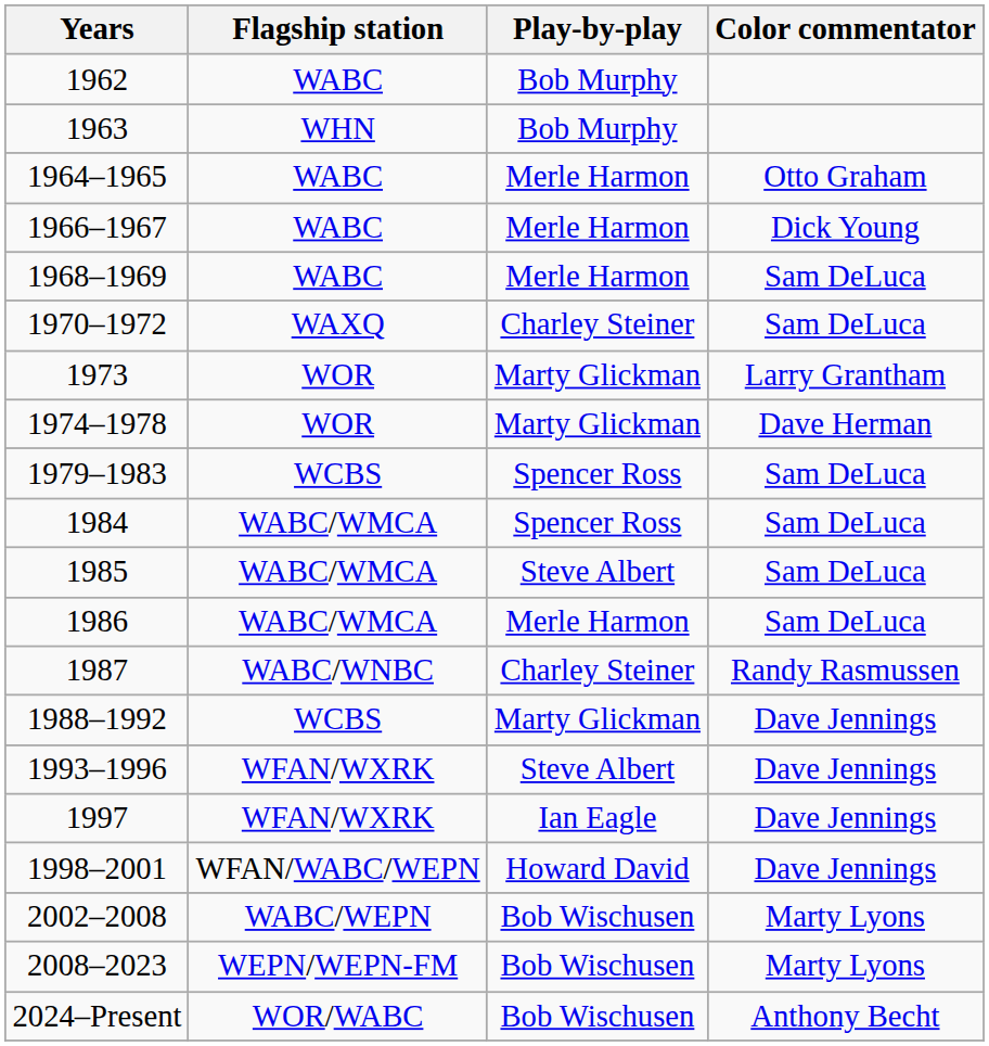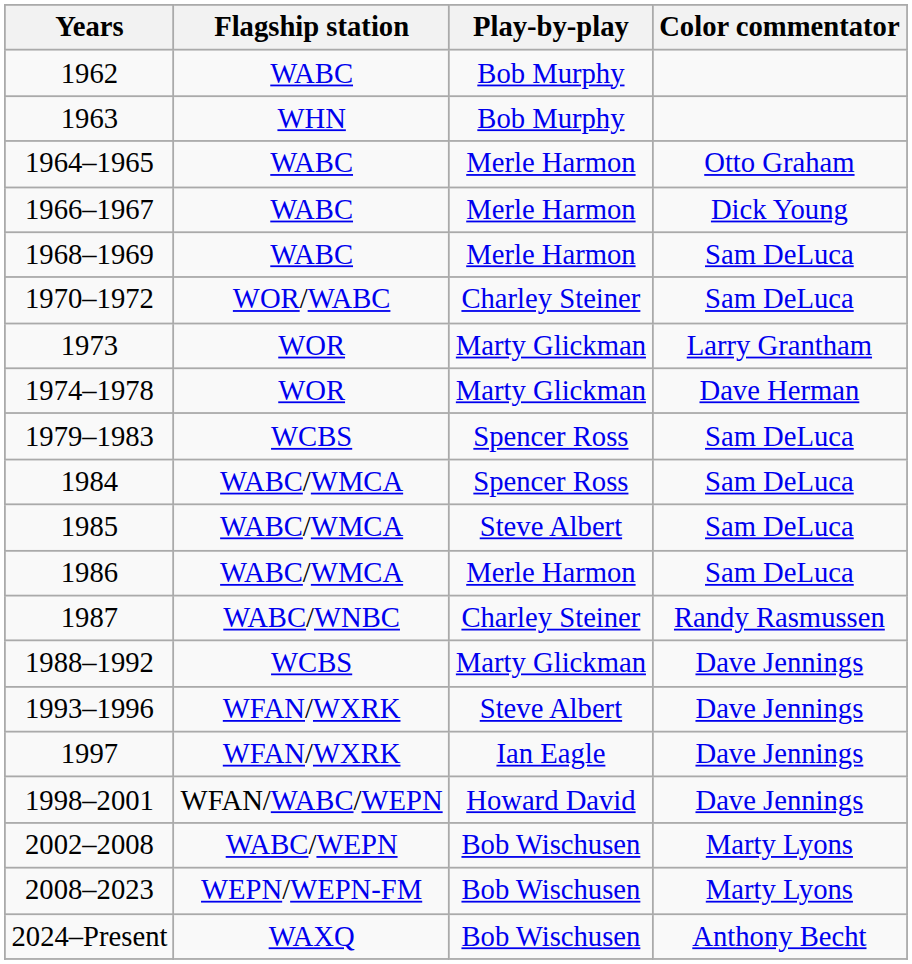 <table class="wikitable" style="text-align: center;">
 <tr>
 <th>Years</th>
 <th>Flagship station</th>
 <th>Play-by-play</th>
 <th>Color commentator</th>
 </tr>
 <tr>
 <td>1962</td>
 <td><a href='#'>WABC</a></td>
 <td><a href='#'>Bob Murphy</a></td>
 <td></td>
 </tr>
 <tr>
 <td>1963</td>
 <td><a href='#'>WHN</a></td>
 <td><a href='#'>Bob Murphy</a></td>
 <td></td>
 </tr>
 <tr>
 <td>1964–1965</td>
 <td><a href='#'>WABC</a></td>
 <td><a href='#'>Merle Harmon</a></td>
 <td><a href='#'>Otto Graham</a></td>
 </tr>
 <tr>
 <td>1966–1967</td>
 <td><a href='#'>WABC</a></td>
 <td><a href='#'>Merle Harmon</a></td>
 <td><a href='#'>Dick Young</a></td>
 </tr>
 <tr>
 <td>1968–1969</td>
 <td><a href='#'>WABC</a></td>
 <td><a href='#'>Merle Harmon</a></td>
 <td><a href='#'>Sam DeLuca</a></td>
 </tr>
 <tr>
 <td>1970–1972</td>
-<td><a href='#'>WAXQ</a></td>
+<td><a href='#'>WOR</a>/<a href='#'>WABC</a></td>
 <td><a href='#'>Charley Steiner</a></td>
 <td><a href='#'>Sam DeLuca</a></td>
 </tr>
 <tr>
 <td>1973</td>
 <td><a href='#'>WOR</a></td>
 <td><a href='#'>Marty Glickman</a></td>
 <td><a href='#'>Larry Grantham</a></td>
 </tr>
 <tr>
 <td>1974–1978</td>
 <td><a href='#'>WOR</a></td>
 <td><a href='#'>Marty Glickman</a></td>
 <td><a href='#'>Dave Herman</a></td>
 </tr>
 <tr>
 <td>1979–1983</td>
 <td><a href='#'>WCBS</a></td>
 <td><a href='#'>Spencer Ross</a></td>
 <td><a href='#'>Sam DeLuca</a></td>
 </tr>
 <tr>
 <td>1984</td>
 <td><a href='#'>WABC</a>/<a href='#'>WMCA</a></td>
 <td><a href='#'>Spencer Ross</a></td>
 <td><a href='#'>Sam DeLuca</a></td>
 </tr>
 <tr>
 <td>1985</td>
 <td><a href='#'>WABC</a>/<a href='#'>WMCA</a></td>
 <td><a href='#'>Steve Albert</a></td>
 <td><a href='#'>Sam DeLuca</a></td>
 </tr>
 <tr>
 <td>1986</td>
 <td><a href='#'>WABC</a>/<a href='#'>WMCA</a></td>
 <td><a href='#'>Merle Harmon</a></td>
 <td><a href='#'>Sam DeLuca</a></td>
 </tr>
 <tr>
 <td>1987</td>
 <td><a href='#'>WABC</a>/<a href='#'>WNBC</a></td>
 <td><a href='#'>Charley Steiner</a></td>
 <td><a href='#'>Randy Rasmussen</a></td>
 </tr>
 <tr>
 <td>1988–1992</td>
 <td><a href='#'>WCBS</a></td>
 <td><a href='#'>Marty Glickman</a></td>
 <td><a href='#'>Dave Jennings</a></td>
 </tr>
 <tr>
 <td>1993–1996</td>
 <td><a href='#'>WFAN</a>/<a href='#'>WXRK</a></td>
 <td><a href='#'>Steve Albert</a></td>
 <td><a href='#'>Dave Jennings</a></td>
 </tr>
 <tr>
 <td>1997</td>
 <td><a href='#'>WFAN</a>/<a href='#'>WXRK</a></td>
 <td><a href='#'>Ian Eagle</a></td>
 <td><a href='#'>Dave Jennings</a></td>
 </tr>
 <tr>
 <td>1998–2001</td>
 <td>WFAN/<a href='#'>WABC</a>/<a href='#'>WEPN</a></td>
 <td><a href='#'>Howard David</a></td>
 <td><a href='#'>Dave Jennings</a></td>
 </tr>
 <tr>
 <td>2002–2008</td>
 <td><a href='#'>WABC</a>/<a href='#'>WEPN</a></td>
 <td><a href='#'>Bob Wischusen</a></td>
 <td><a href='#'>Marty Lyons</a></td>
 </tr>
 <tr>
 <td>2008–2023</td>
 <td><a href='#'>WEPN</a>/<a href='#'>WEPN-FM</a></td>
 <td><a href='#'>Bob Wischusen</a></td>
 <td><a href='#'>Marty Lyons</a></td>
 </tr>
 <tr>
 <td>2024–Present</td>
-<td><a href='#'>WOR</a>/<a href='#'>WABC</a></td>
+<td><a href='#'>WAXQ</a></td>
 <td><a href='#'>Bob Wischusen</a></td>
 <td><a href='#'>Anthony Becht</a></td>
 </tr>
 </table>
